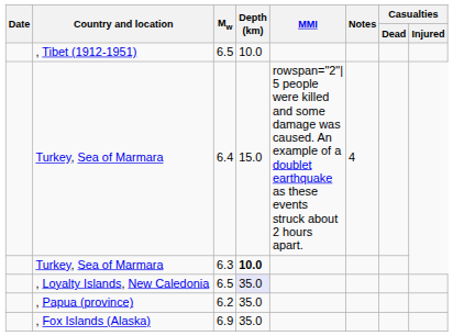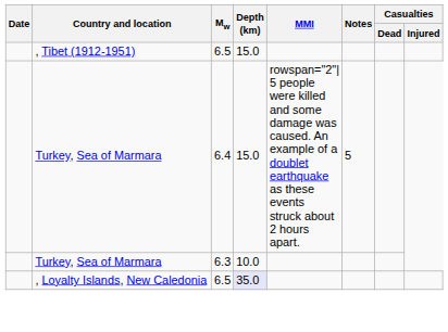 <table class="wikitable sortable sort-under" style="border:1px black; margin-left:1em;">
 <tr>
 <th rowspan="2"><small>Date</small></th>
 <th rowspan="2" style="width: 310px"><small>Country and location</small></th>
 <th rowspan="2"><small>M<sub>w</sub></small></th>
 <th rowspan="2"><small>Depth (km)</small></th>
 <th rowspan="2"><small><a href='#'>MMI</a></small></th>
 <th rowspan="2" class="unsortable"><small>Notes</small></th>
 <th colspan="2"><small>Casualties</small></th>
 </tr>
 <tr>
 <th><small>Dead</small></th>
 <th><small>Injured</small></th>
 </tr>
 <tr>
 <td></td>
 <td>, <a href='#'>Tibet (1912-1951)</a></td>
 <td>6.5</td>
-<td>10.0</td>
+<td>15.0</td>
 <td></td>
 <td></td>
 <td></td>
 <td></td>
 </tr>
 <tr>
 <td></td>
 <td> <a href='#'>Turkey</a>, <a href='#'>Sea of Marmara</a></td>
 <td>6.4</td>
 <td>15.0</td>
 <td>rowspan="2"| 5 people were killed and some damage was caused. An example of a <a href='#'>doublet earthquake</a> as these events struck about 2 hours apart.</td>
-<td>4</td>
+<td>5</td>
 <td></td>
 </tr>
 <tr>
 <td></td>
 <td> <a href='#'>Turkey</a>, <a href='#'>Sea of Marmara</a></td>
 <td>6.3</td>
-<td><strong>10.0</strong></td>
+<td>10.0</td>
 <td></td>
 <td></td>
 <td></td>
 </tr>
 <tr>
 <td></td>
 <td>, <a href='#'>Loyalty Islands</a>, <a href='#'>New Caledonia</a></td>
 <td>6.5</td>
 <td style="background: lavender;">35.0</td>
 <td></td>
 <td></td>
 <td></td>
 <td></td>
 </tr>
-<tr>
-<td></td>
-<td>, <a href='#'>Papua (province)</a></td>
-<td>6.2</td>
-<td>35.0</td>
-<td></td>
-<td></td>
-<td></td>
-<td></td>
-</tr>
-<tr>
-<td></td>
-<td>, <a href='#'>Fox Islands (Alaska)</a></td>
-<td>6.9</td>
-<td>35.0</td>
-<td></td>
-<td></td>
-<td></td>
-<td></td>
-</tr>
 </table>
